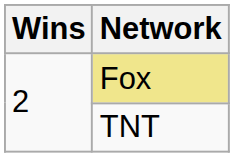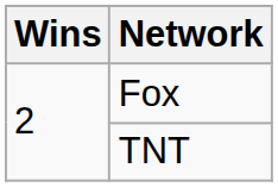 <table class="wikitable">
 <tr>
 <th>Wins</th>
 <th>Network</th>
 </tr>
 <tr>
 <td rowspan="2">2</td>
-<td style="background: khaki;">Fox</td>
+<td>Fox</td>
 </tr>
 <tr>
 <td>TNT</td>
 </tr>
 </table>
